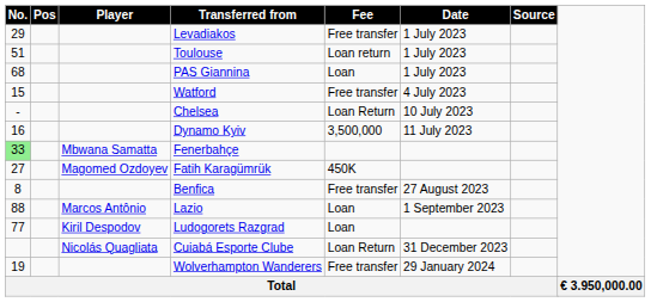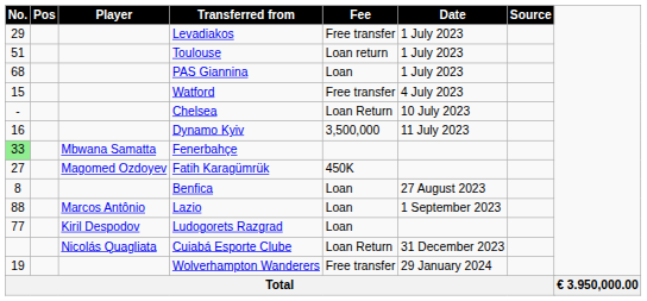 <table class="wikitable plainrowheaders sortable">
 <tr>
 <th style="background:black; color:#FFFFFF; ">No.</th>
 <th style="background:black; color:#FFFFFF; ">Pos</th>
 <th style="background:black; color:#FFFFFF; ">Player</th>
 <th style="background:black; color:#FFFFFF; ">Transferred from</th>
 <th style="background:black; color:#FFFFFF; ">Fee</th>
 <th style="background:black; color:#FFFFFF; ">Date</th>
 <th style="background:black; color:#FFFFFF; ">Source</th>
 </tr>
 <tr>
 <td align=center>29</td>
 <td align=center></td>
 <td></td>
 <td> <a href='#'>Levadiakos</a></td>
 <td>Free transfer</td>
 <td>1 July 2023</td>
 <td></td>
 </tr>
 <tr>
 <td align=center>51</td>
 <td align=center></td>
 <td></td>
 <td> <a href='#'>Toulouse</a></td>
 <td>Loan return</td>
 <td>1 July 2023</td>
 <td></td>
 </tr>
 <tr>
 <td align=center>68</td>
 <td align=center></td>
 <td></td>
 <td> <a href='#'>PAS Giannina</a></td>
 <td>Loan</td>
 <td>1 July 2023</td>
 <td></td>
 </tr>
 <tr>
 <td align=center>15</td>
 <td align=center></td>
 <td></td>
 <td> <a href='#'>Watford</a></td>
 <td>Free transfer</td>
 <td>4 July 2023</td>
 <td></td>
 </tr>
 <tr>
 <td align=center>-</td>
 <td align=center></td>
 <td></td>
 <td> <a href='#'>Chelsea</a></td>
 <td>Loan Return</td>
 <td>10 July 2023</td>
 <td></td>
 </tr>
 <tr>
 <td align=center>16</td>
 <td align=center></td>
 <td></td>
 <td> <a href='#'>Dynamo Kyiv</a></td>
 <td>3,500,000</td>
 <td>11 July 2023</td>
 <td></td>
 </tr>
 <tr>
 <td align=center style="background: lightgreen;">33</td>
 <td align=center></td>
 <td> <a href='#'>Mbwana Samatta</a></td>
 <td> <a href='#'>Fenerbahçe</a></td>
 <td></td>
 <td></td>
 <td></td>
 </tr>
 <tr>
 <td align=center>27</td>
 <td align=center></td>
 <td> <a href='#'>Magomed Ozdoyev</a></td>
 <td> <a href='#'>Fatih Karagümrük</a></td>
 <td>450K</td>
 <td></td>
 <td></td>
 </tr>
 <tr>
 <td align=center>8</td>
 <td align=center></td>
 <td></td>
 <td> <a href='#'>Benfica</a></td>
-<td>Free transfer</td>
+<td>Loan</td>
 <td>27 August 2023</td>
 <td></td>
 </tr>
 <tr>
 <td align=center>88</td>
 <td align=center></td>
 <td> <a href='#'>Marcos Antônio</a></td>
 <td> <a href='#'>Lazio</a></td>
 <td>Loan</td>
 <td>1 September 2023</td>
 <td></td>
 </tr>
 <tr>
 <td align=center>77</td>
 <td align=center></td>
 <td> <a href='#'>Kiril Despodov</a></td>
 <td> <a href='#'>Ludogorets Razgrad</a></td>
 <td>Loan</td>
 <td></td>
 <td></td>
 </tr>
 <tr>
 <td align=center></td>
 <td align=center></td>
 <td> <a href='#'>Nicolás Quagliata</a></td>
 <td> <a href='#'>Cuiabá Esporte Clube</a></td>
 <td>Loan Return</td>
 <td>31 December 2023</td>
 <td></td>
 </tr>
 <tr>
 <td align=center>19</td>
 <td align=center></td>
 <td></td>
 <td> <a href='#'>Wolverhampton Wanderers</a></td>
 <td>Free transfer</td>
 <td>29 January 2024</td>
 <td></td>
 </tr>
 <tr>
 <th colspan="11">Total</th>
 <th colspan="2">€ 3.950,000.00</th>
 </tr>
 </table>
